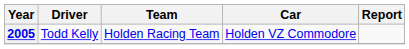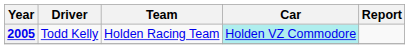 <table class="wikitable" style="font-size: 95%;">
 <tr>
 <th>Year</th>
 <th>Driver</th>
 <th>Team</th>
 <th>Car</th>
 <th>Report</th>
 </tr>
 <tr>
 <th><a href='#'>2005</a></th>
 <td> <a href='#'>Todd Kelly</a></td>
 <td><a href='#'>Holden Racing Team</a></td>
-<td><a href='#'>Holden VZ Commodore</a></td>
+<td style="background: paleturquoise;"><a href='#'>Holden VZ Commodore</a></td>
 <td></td>
 </tr>
 <tr>
 </tr>
 </table>
